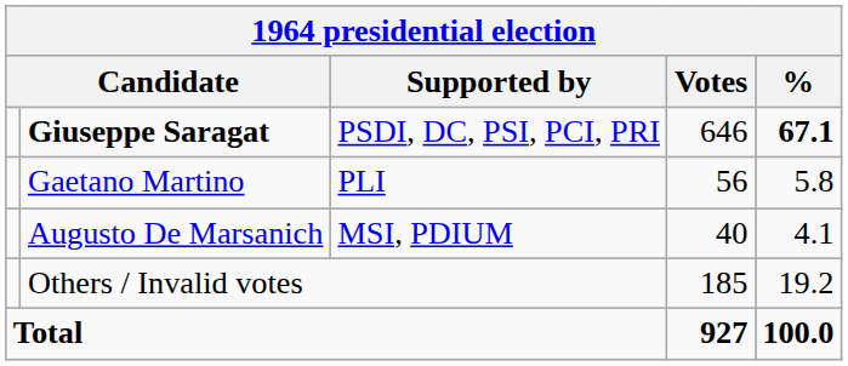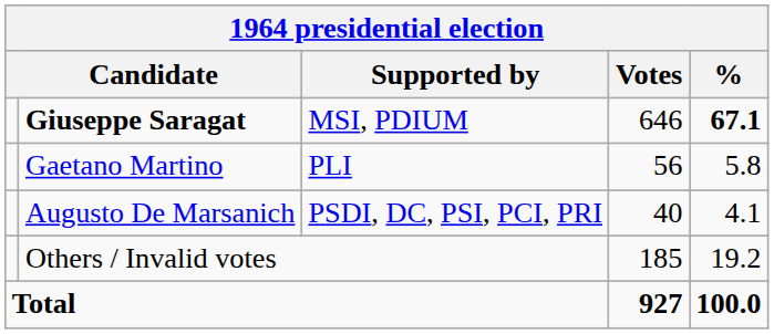 <table class=wikitable style=text-align:right>
 <tr>
 <th colspan=5><a href='#'>1964 presidential election</a> </th>
 </tr>
 <tr>
 <th colspan=2>Candidate</th>
 <th>Supported by</th>
 <th>Votes</th>
 <th>%</th>
 </tr>
 <tr>
 <td></td>
 <td align=left><strong>Giuseppe Saragat</strong></td>
-<td align=left><a href='#'>PSDI</a>, <a href='#'>DC</a>, <a href='#'>PSI</a>, <a href='#'>PCI</a>, <a href='#'>PRI</a></td>
+<td align=left><a href='#'>MSI</a>, <a href='#'>PDIUM</a></td>
 <td>646</td>
 <td><strong>67.1</strong></td>
 </tr>
 <tr>
 <td></td>
 <td align=left><a href='#'>Gaetano Martino</a></td>
 <td align=left><a href='#'>PLI</a></td>
 <td>56</td>
 <td>5.8</td>
 </tr>
 <tr>
 <td></td>
 <td align=left><a href='#'>Augusto De Marsanich</a></td>
-<td align=left><a href='#'>MSI</a>, <a href='#'>PDIUM</a></td>
+<td align=left><a href='#'>PSDI</a>, <a href='#'>DC</a>, <a href='#'>PSI</a>, <a href='#'>PCI</a>, <a href='#'>PRI</a></td>
 <td>40</td>
 <td>4.1</td>
 </tr>
 <tr>
 <td></td>
 <td align=left colspan=2>Others / Invalid votes</td>
 <td>185</td>
 <td>19.2</td>
 </tr>
 <tr>
 <td align=left colspan=3><strong>Total</strong></td>
 <td><strong>927</strong></td>
 <td><strong>100.0</strong></td>
 </tr>
 </table>
